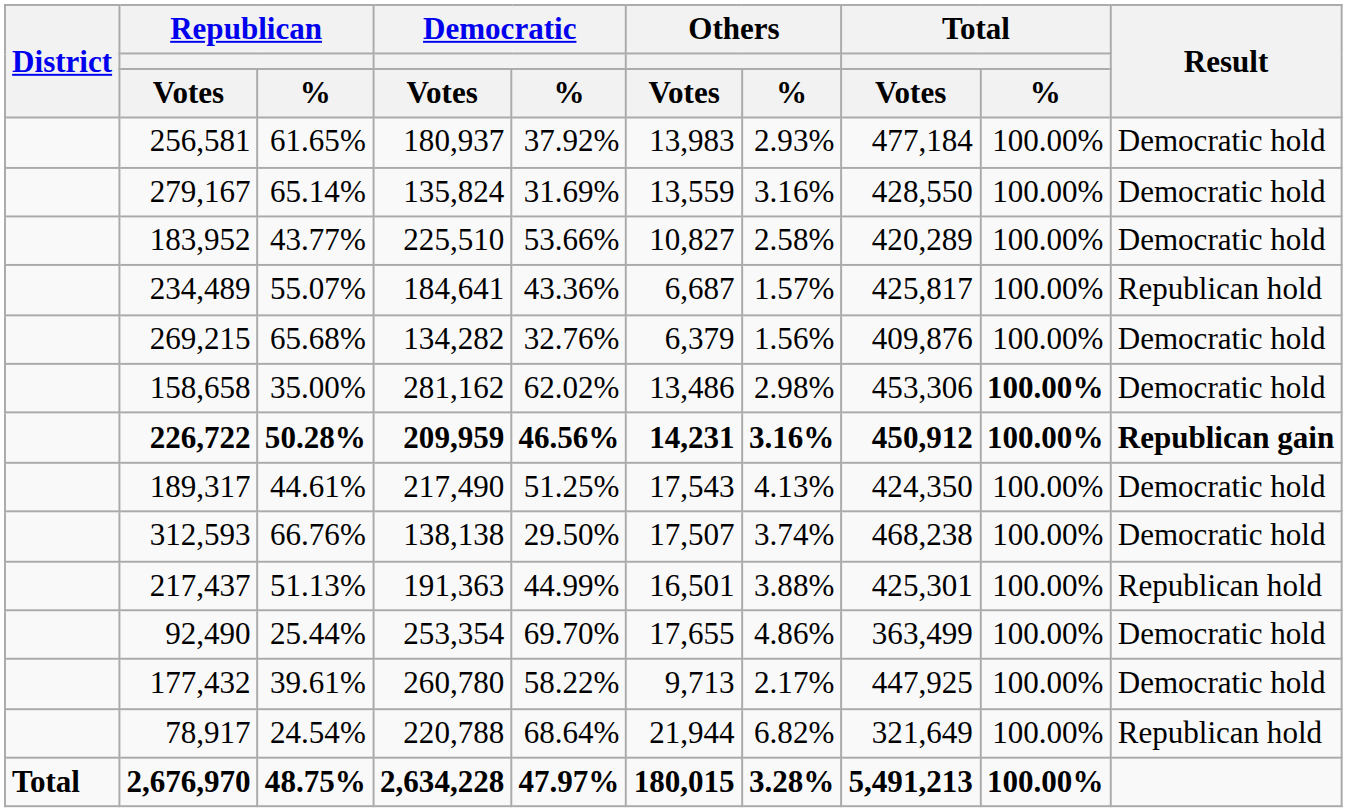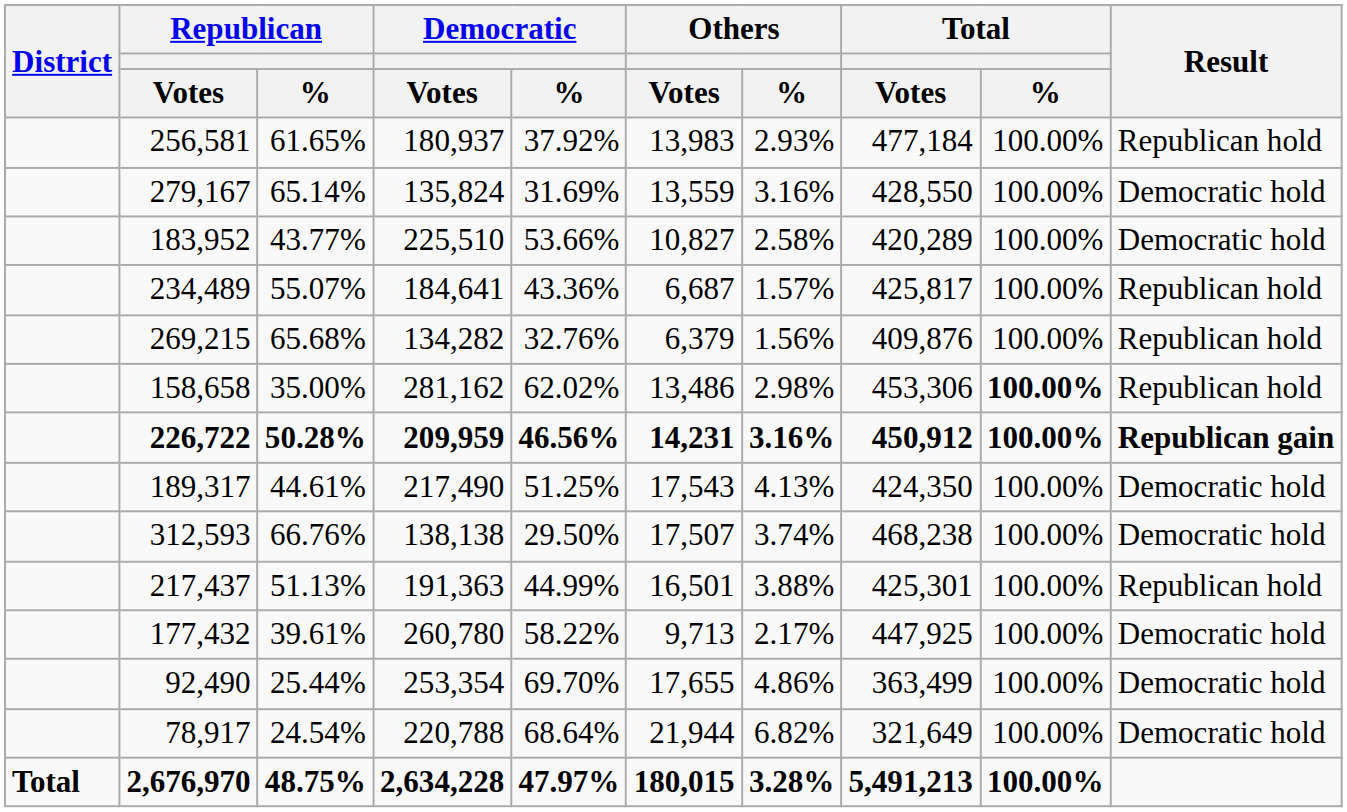 <table class="wikitable plainrowheaders sortable" style="font-size:100%; text-align:right;">
 <tr>
 <th scope=col rowspan=3><a href='#'>District</a></th>
 <th scope=col colspan=2><a href='#'>Republican</a></th>
 <th scope=col colspan=2><a href='#'>Democratic</a></th>
 <th scope=col colspan=2>Others</th>
 <th scope=col colspan=2>Total</th>
 <th scope=col rowspan=3>Result</th>
 </tr>
 <tr>
 <th scope=col colspan=2 style="background:"></th>
 <th scope=col colspan=2 style="background:"></th>
 <th scope=col colspan=2></th>
 <th scope=col colspan=2></th>
 </tr>
 <tr>
 <th scope=col data-sort-type="number">Votes</th>
 <th scope=col data-sort-type="number">%</th>
 <th scope=col data-sort-type="number">Votes</th>
 <th scope=col data-sort-type="number">%</th>
 <th scope=col data-sort-type="number">Votes</th>
 <th scope=col data-sort-type="number">%</th>
 <th scope=col data-sort-type="number">Votes</th>
 <th scope=col data-sort-type="number">%</th>
 </tr>
 <tr>
 <td align=left></td>
 <td>256,581</td>
 <td>61.65%</td>
 <td>180,937</td>
 <td>37.92%</td>
 <td>13,983</td>
 <td>2.93%</td>
 <td>477,184</td>
 <td>100.00%</td>
-<td align=left>Democratic hold</td>
+<td align=left>Republican hold</td>
 </tr>
 <tr>
 <td align=left></td>
 <td>279,167</td>
 <td>65.14%</td>
 <td>135,824</td>
 <td>31.69%</td>
 <td>13,559</td>
 <td>3.16%</td>
 <td>428,550</td>
 <td>100.00%</td>
 <td align=left>Democratic hold</td>
 </tr>
 <tr>
 <td align=left></td>
 <td>183,952</td>
 <td>43.77%</td>
 <td>225,510</td>
 <td>53.66%</td>
 <td>10,827</td>
 <td>2.58%</td>
 <td>420,289</td>
 <td>100.00%</td>
 <td align=left>Democratic hold</td>
 </tr>
 <tr>
 <td align=left></td>
 <td>234,489</td>
 <td>55.07%</td>
 <td>184,641</td>
 <td>43.36%</td>
 <td>6,687</td>
 <td>1.57%</td>
 <td>425,817</td>
 <td>100.00%</td>
 <td align=left>Republican hold</td>
 </tr>
 <tr>
 <td align=left></td>
 <td>269,215</td>
 <td>65.68%</td>
 <td>134,282</td>
 <td>32.76%</td>
 <td>6,379</td>
 <td>1.56%</td>
 <td>409,876</td>
 <td>100.00%</td>
-<td align=left>Democratic hold</td>
+<td align=left>Republican hold</td>
 </tr>
 <tr>
 <td align=left></td>
 <td>158,658</td>
 <td>35.00%</td>
 <td>281,162</td>
 <td>62.02%</td>
 <td>13,486</td>
 <td>2.98%</td>
 <td>453,306</td>
 <td><strong>100.00%</strong></td>
-<td align=left>Democratic hold</td>
+<td align=left>Republican hold</td>
 </tr>
 <tr>
 <td align=left><strong></strong></td>
 <td><strong>226,722</strong></td>
 <td><strong>50.28%</strong></td>
 <td><strong>209,959</strong></td>
 <td><strong>46.56%</strong></td>
 <td><strong>14,231</strong></td>
 <td><strong>3.16%</strong></td>
 <td><strong>450,912</strong></td>
 <td><strong>100.00%</strong></td>
 <td align=left><strong>Republican gain</strong></td>
 </tr>
 <tr>
 <td align=left></td>
 <td>189,317</td>
 <td>44.61%</td>
 <td>217,490</td>
 <td>51.25%</td>
 <td>17,543</td>
 <td>4.13%</td>
 <td>424,350</td>
 <td>100.00%</td>
 <td align=left>Democratic hold</td>
 </tr>
 <tr>
 <td align=left></td>
 <td>312,593</td>
 <td>66.76%</td>
 <td>138,138</td>
 <td>29.50%</td>
 <td>17,507</td>
 <td>3.74%</td>
 <td>468,238</td>
 <td>100.00%</td>
 <td align=left>Democratic hold</td>
 </tr>
 <tr>
 <td align=left></td>
 <td>217,437</td>
 <td>51.13%</td>
 <td>191,363</td>
 <td>44.99%</td>
 <td>16,501</td>
 <td>3.88%</td>
 <td>425,301</td>
 <td>100.00%</td>
 <td align=left>Republican hold</td>
 </tr>
 <tr>
 <td align=left></td>
+<td>177,432</td>
+<td>39.61%</td>
+<td>260,780</td>
+<td>58.22%</td>
+<td>9,713</td>
+<td>2.17%</td>
+<td>447,925</td>
+<td>100.00%</td>
+<td align=left>Democratic hold</td>
+</tr>
+<tr>
+<td align=left></td>
 <td>92,490</td>
 <td>25.44%</td>
 <td>253,354</td>
 <td>69.70%</td>
 <td>17,655</td>
 <td>4.86%</td>
 <td>363,499</td>
-<td>100.00%</td>
-<td align=left>Democratic hold</td>
-</tr>
-<tr>
-<td align=left></td>
-<td>177,432</td>
-<td>39.61%</td>
-<td>260,780</td>
-<td>58.22%</td>
-<td>9,713</td>
-<td>2.17%</td>
-<td>447,925</td>
 <td>100.00%</td>
 <td align=left>Democratic hold</td>
 </tr>
 <tr>
 <td align=left></td>
 <td>78,917</td>
 <td>24.54%</td>
 <td>220,788</td>
 <td>68.64%</td>
 <td>21,944</td>
 <td>6.82%</td>
 <td>321,649</td>
 <td>100.00%</td>
-<td align=left>Republican hold</td>
+<td align=left>Democratic hold</td>
 </tr>
 <tr class="sortbottom" style="font-weight:bold">
 <td align=left>Total</td>
 <td>2,676,970</td>
 <td>48.75%</td>
 <td>2,634,228</td>
 <td>47.97%</td>
 <td>180,015</td>
 <td>3.28%</td>
 <td>5,491,213</td>
 <td>100.00%</td>
 <td></td>
 </tr>
 </table>
